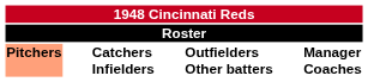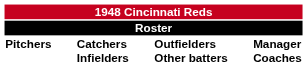 <table class="toccolours" style="font-size: 95%;">
 <tr>
 <th colspan="10" style="background-color: #c6011f; color: white; text-align: center;">1948 Cincinnati Reds</th>
 </tr>
 <tr>
 <td colspan="10" style="background-color: black; color: white; text-align: center;"><strong>Roster</strong></td>
 </tr>
 <tr>
-<td valign="top" style="background: lightsalmon;"><strong>Pitchers</strong><br>               </td>
+<td valign="top"><strong>Pitchers</strong><br>               </td>
 <td width="25px"></td>
 <td valign="top"><strong>Catchers</strong><br>   <strong>Infielders</strong>        </td>
 <td width="25px"></td>
 <td valign="top"><strong>Outfielders</strong><br>       <strong>Other batters</strong>  </td>
 <td width="25px"></td>
 <td valign="top"><strong>Manager</strong><br>  <strong>Coaches</strong>  </td>
 </tr>
 </table>
